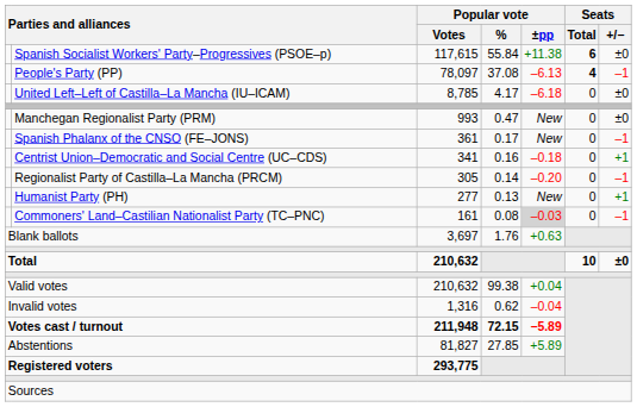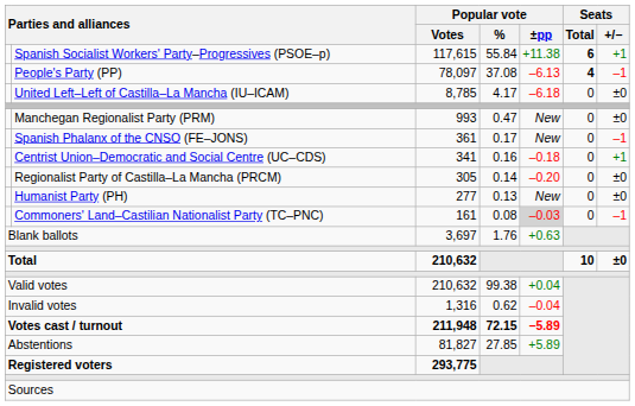 <table class="wikitable" style="text-align:right;">
 <tr>
 <th style="text-align:left;" rowspan="2" colspan="2" width="525">Parties and alliances</th>
 <th colspan="3">Popular vote</th>
 <th colspan="2">Seats</th>
 </tr>
 <tr>
 <th width="75">Votes</th>
 <th width="45">%</th>
 <th width="45">±<a href='#'>pp</a></th>
 <th width="35">Total</th>
 <th width="35">+/−</th>
 </tr>
 <tr>
 <td width="1" style="color:inherit;background:"></td>
 <td align="left"><a href='#'>Spanish Socialist Workers' Party</a>–<a href='#'>Progressives</a> (PSOE–p)</td>
 <td>117,615</td>
 <td>55.84</td>
 <td style="color:green;">+11.38</td>
 <td><strong>6</strong></td>
-<td>±0</td>
+<td style="color:green;">+1</td>
 </tr>
 <tr>
 <td style="color:inherit;background:"></td>
 <td align="left"><a href='#'>People's Party</a> (PP)</td>
 <td>78,097</td>
 <td>37.08</td>
 <td style="color:red;">–6.13</td>
 <td><strong>4</strong></td>
 <td style="color:red;">–1</td>
 </tr>
 <tr>
 <td style="color:inherit;background:"></td>
 <td align="left"><a href='#'>United Left–Left of Castilla–La Mancha</a> (IU–ICAM)</td>
 <td>8,785</td>
 <td>4.17</td>
 <td style="color:red;">–6.18</td>
 <td>0</td>
 <td>±0</td>
 </tr>
 <tr>
 <td colspan="7" bgcolor="#C0C0C0"></td>
 </tr>
 <tr>
 <td style="color:inherit;background:"></td>
 <td align="left">Manchegan Regionalist Party (PRM)</td>
 <td>993</td>
 <td>0.47</td>
 <td><em>New</em></td>
 <td>0</td>
 <td>±0</td>
 </tr>
 <tr>
 <td style="color:inherit;background:"></td>
 <td align="left"><a href='#'>Spanish Phalanx of the CNSO</a> (FE–JONS)</td>
 <td>361</td>
 <td>0.17</td>
 <td><em>New</em></td>
 <td>0</td>
 <td style="color:red;">–1</td>
 </tr>
 <tr>
 <td style="color:inherit;background:"></td>
 <td align="left"><a href='#'>Centrist Union–Democratic and Social Centre</a> (UC–CDS)</td>
 <td>341</td>
 <td>0.16</td>
 <td style="color:red;">–0.18</td>
 <td>0</td>
 <td style="color:green;">+1</td>
 </tr>
 <tr>
 <td style="color:inherit;background:"></td>
 <td align="left">Regionalist Party of Castilla–La Mancha (PRCM)</td>
 <td>305</td>
 <td>0.14</td>
 <td style="color:red;">–0.20</td>
 <td>0</td>
-<td style="color:red;">–1</td>
+<td>±0</td>
 </tr>
 <tr>
 <td style="color:inherit;background:"></td>
 <td align="left"><a href='#'>Humanist Party</a> (PH)</td>
 <td>277</td>
 <td>0.13</td>
 <td><em>New</em></td>
 <td>0</td>
-<td style="color:green;">+1</td>
+<td>±0</td>
 </tr>
 <tr>
 <td style="color:inherit;background:"></td>
 <td align="left"><a href='#'>Commoners' Land–Castilian Nationalist Party</a> (TC–PNC)</td>
 <td>161</td>
 <td>0.08</td>
 <td style="background: lightgrey; color:red;">–0.03</td>
 <td>0</td>
 <td style="color:red;">–1</td>
 </tr>
 <tr>
 <td align="left" colspan="2">Blank ballots</td>
 <td>3,697</td>
 <td>1.76</td>
 <td style="color:green;">+0.63</td>
 <td bgcolor="#E9E9E9" colspan="2"></td>
 </tr>
 <tr>
 <td colspan="7" bgcolor="#E9E9E9"></td>
 </tr>
 <tr style="font-weight:bold;">
 <td align="left" colspan="2">Total</td>
 <td>210,632</td>
 <td bgcolor="#E9E9E9" colspan="2"></td>
 <td>10</td>
 <td>±0</td>
 </tr>
 <tr>
 <td colspan="7" bgcolor="#E9E9E9"></td>
 </tr>
 <tr>
 <td align="left" colspan="2">Valid votes</td>
 <td>210,632</td>
 <td>99.38</td>
 <td style="color:green;">+0.04</td>
 <td bgcolor="#E9E9E9" colspan="2" rowspan="5"></td>
 </tr>
 <tr>
 <td align="left" colspan="2">Invalid votes</td>
 <td>1,316</td>
 <td>0.62</td>
 <td style="color:red;">–0.04</td>
 </tr>
 <tr style="font-weight:bold;">
 <td align="left" colspan="2">Votes cast / turnout</td>
 <td>211,948</td>
 <td>72.15</td>
 <td style="color:red;">–5.89</td>
 </tr>
 <tr>
 <td align="left" colspan="2">Abstentions</td>
 <td>81,827</td>
 <td>27.85</td>
 <td style="color:green;">+5.89</td>
 </tr>
 <tr style="font-weight:bold;">
 <td align="left" colspan="2">Registered voters</td>
 <td>293,775</td>
 <td bgcolor="#E9E9E9" colspan="2"></td>
 </tr>
 <tr>
 <td colspan="7" bgcolor="#E9E9E9"></td>
 </tr>
 <tr>
 <td align="left" colspan="7">Sources</td>
 </tr>
 </table>
